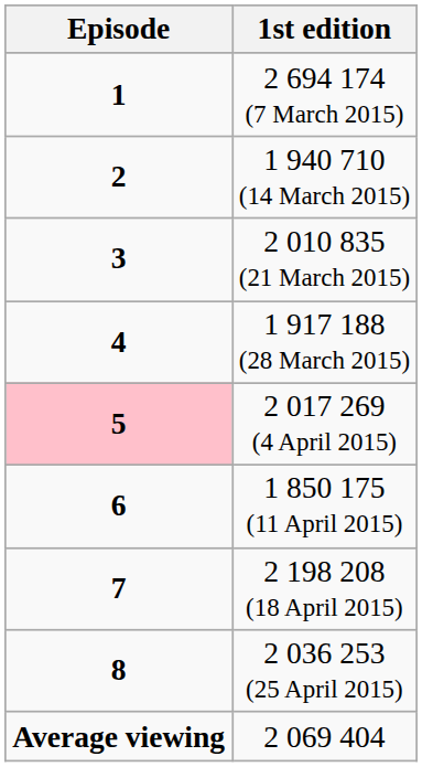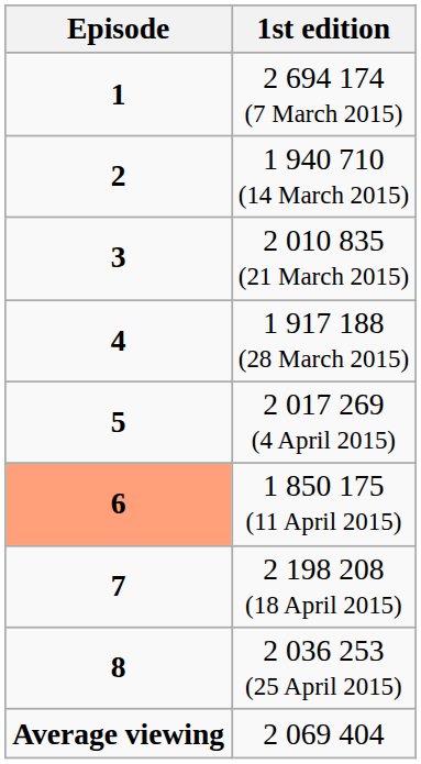 <table class="wikitable">
 <tr>
 <th>Episode</th>
 <th>1st edition</th>
 </tr>
 <tr -->
 <td align="center"><strong>1</strong></td>
 <td align="center">2 694 174<br><small>(7 March 2015)</small></td>
 </tr>
 <tr -->
 <td align="center"><strong>2</strong></td>
 <td align="center">1 940 710<br><small>(14 March 2015)</small></td>
 </tr>
 <tr -->
 <td align="center"><strong>3</strong></td>
 <td align="center">2 010 835<br><small>(21 March 2015)</small></td>
 </tr>
 <tr -->
 <td align="center"><strong>4</strong></td>
 <td align="center">1 917 188<br><small>(28 March 2015)</small></td>
 </tr>
 <tr -->
-<td align="center" style="background: pink;"><strong>5</strong></td>
+<td align="center"><strong>5</strong></td>
 <td align="center">2 017 269<br><small>(4 April 2015)</small></td>
 </tr>
 <tr -->
-<td align="center"><strong>6</strong></td>
+<td align="center" style="background: lightsalmon;"><strong>6</strong></td>
 <td align="center">1 850 175<br><small>(11 April 2015)</small></td>
 </tr>
 <tr -->
 <td align="center"><strong>7</strong></td>
 <td align="center">2 198 208<br><small>(18 April 2015)</small></td>
 </tr>
 <tr -->
 <td align="center"><strong>8</strong></td>
 <td align="center">2 036 253<br><small>(25 April 2015)</small></td>
 </tr>
 <tr -->
 <td align="center"><strong>Average viewing</strong></td>
 <td align="center">2 069 404</td>
 </tr>
 </table>
